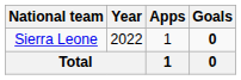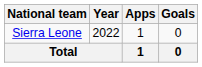 <table class=wikitable style=text-align:center>
 <tr>
 <th>National team</th>
 <th>Year</th>
 <th>Apps</th>
 <th>Goals</th>
 </tr>
 <tr>
 <td rowspan="1"><a href='#'>Sierra Leone</a></td>
 <td>2022</td>
 <td>1</td>
-<td><strong>0</strong></td>
+<td>0</td>
 </tr>
 <tr>
 <th colspan="2">Total</th>
 <th>1</th>
 <th>0</th>
 </tr>
 </table>
